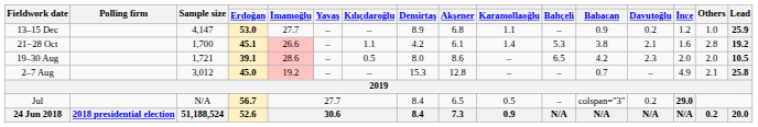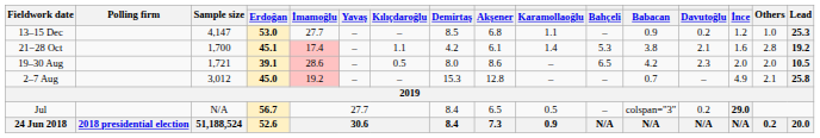 <table class="wikitable mw-datatable mw-collapsible mw-collapsed" style="text-align:center; font-size:85%; line-height:14px;">
 <tr>
 <th rowspan="2">Fieldwork date</th>
 <th rowspan="2">Polling firm</th>
 <th rowspan="2">Sample size</th>
 <th style="background:"></th>
 <th colspan="3" style="background:"></th>
 <th style="background:"></th>
 <th style="background:"></th>
 <th style="background:"></th>
 <th style="background:"></th>
 <th style="background:"></th>
 <th style="background:"></th>
 <th style="background:"></th>
 <th rowspan="2">Others</th>
 <th rowspan="2">Lead</th>
 </tr>
 <tr>
 <th><a href='#'>Erdoğan</a><br></th>
 <th><a href='#'>İmamoğlu</a><br></th>
 <th><a href='#'>Yavaş</a><br></th>
 <th><a href='#'>Kılıçdaroğlu</a><br></th>
 <th><a href='#'>Demirtaş</a><br></th>
 <th><a href='#'>Akşener</a><br></th>
 <th><a href='#'>Karamollaoğlu</a><br></th>
 <th><a href='#'>Bahçeli</a><br></th>
 <th><a href='#'>Babacan</a><br></th>
 <th><a href='#'>Davutoğlu</a><br></th>
 <th><a href='#'>İnce</a><br></th>
 </tr>
 <tr>
 <td>13–15 Dec</td>
 <td></td>
 <td>4,147</td>
 <td style="background:#FFF1C4"><strong>53.0</strong></td>
 <td>27.7</td>
 <td>–</td>
 <td>–</td>
-<td>8.9</td>
+<td>8.5</td>
 <td>6.8</td>
 <td>1.1</td>
 <td>–</td>
 <td>0.9</td>
 <td>0.2</td>
 <td>1.2</td>
 <td>1.0</td>
-<th style="background:">25.9</th>
+<th style="background:">25.3</th>
 </tr>
 <tr>
 <td>21−28 Oct</td>
 <td></td>
 <td>1,700</td>
 <td style="background:#FFF1C4"><strong>45.1</strong></td>
-<td style="background:#FFC2C2">26.6</td>
+<td style="background:#FFC2C2">17.4</td>
 <td>–</td>
 <td>1.1</td>
 <td>4.2</td>
 <td>6.1</td>
 <td>1.4</td>
 <td>5.3</td>
 <td>3.8</td>
 <td>2.1</td>
 <td>1.6</td>
 <td>2.8</td>
 <th style="background:">19.2</th>
 </tr>
 <tr>
 <td data-sort-value="2018-07-11">19–30 Aug</td>
 <td> </td>
 <td>1,721</td>
 <td style="background:#FFF1C4"><strong>39.1</strong></td>
 <td style="background:#FFC2C2">28.6</td>
 <td>–</td>
 <td>0.5</td>
 <td>8.0</td>
 <td>8.6</td>
 <td>–</td>
 <td>6.5</td>
 <td>4.2</td>
 <td>2.3</td>
 <td>2.0</td>
 <td>2.0</td>
 <th style="background:">10.5</th>
 </tr>
 <tr>
 <td data-sort-value="2018-07-11">2–7 Aug</td>
 <td></td>
 <td>3,012</td>
 <td style="background:#FFF1C4"><strong>45.0</strong></td>
 <td style="background:#FFC2C2">19.2</td>
 <td>–</td>
 <td>–</td>
 <td>15.3</td>
 <td>12.8</td>
 <td>–</td>
 <td>–</td>
 <td>0.7</td>
 <td>–</td>
 <td>4.9</td>
 <td>2.1</td>
 <th style="background:">25.8</th>
 </tr>
 <tr>
 <th colspan=16>2019</th>
 </tr>
 <tr>
 <td data-sort-value="2018-07-11">Jul</td>
 <td></td>
 <td>N/A</td>
 <td style="background:#FFF1C4"><strong>56.7</strong></td>
 <td colspan="3">27.7</td>
 <td>8.4</td>
 <td>6.5</td>
 <td>0.5</td>
 <td>–</td>
 <td>colspan="3" </td>
 <td>0.2</td>
 <th style="background:">29.0</th>
 </tr>
 <tr>
 <th>24 Jun 2018</th>
 <th><a href='#'>2018 presidential election</a></th>
 <th>51,188,524</th>
 <th style="background:#FFF1C4">52.6</th>
 <th colspan="3">30.6</th>
 <th>8.4</th>
 <th>7.3</th>
 <th>0.9</th>
 <th>N/A</th>
 <th>N/A</th>
 <th>N/A</th>
 <th>N/A</th>
 <th>0.2</th>
 <th style="background:">20.0</th>
 </tr>
 </table>
